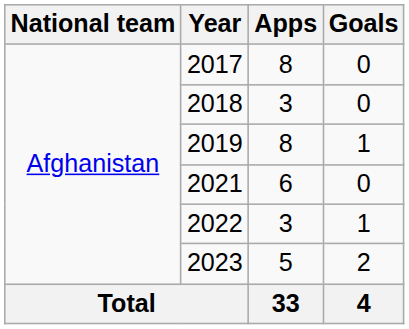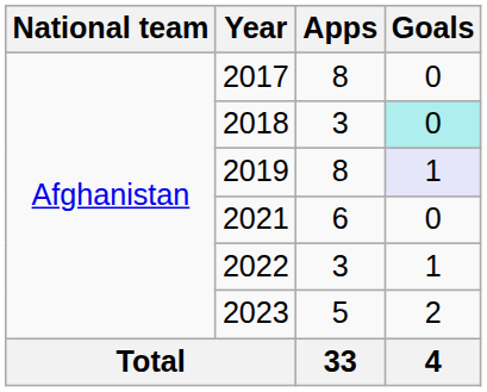 <table class="wikitable" style="text-align:center">
 <tr>
 <th>National team</th>
 <th>Year</th>
 <th>Apps</th>
 <th>Goals</th>
 </tr>
 <tr>
 <td rowspan="6"><a href='#'>Afghanistan</a></td>
 <td>2017</td>
 <td>8</td>
 <td>0</td>
 </tr>
 <tr>
 <td>2018</td>
 <td>3</td>
-<td>0</td>
+<td style="background: paleturquoise;">0</td>
 </tr>
 <tr>
 <td>2019</td>
 <td>8</td>
-<td>1</td>
+<td style="background: lavender;">1</td>
 </tr>
 <tr>
 <td>2021</td>
 <td>6</td>
 <td>0</td>
 </tr>
 <tr>
 <td>2022</td>
 <td>3</td>
 <td>1</td>
 </tr>
 <tr>
 <td>2023</td>
 <td>5</td>
 <td>2</td>
 </tr>
 <tr>
 <th colspan="2">Total</th>
 <th>33</th>
 <th>4</th>
 </tr>
 </table>
